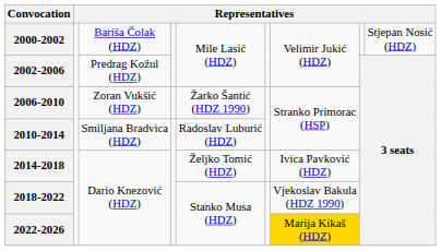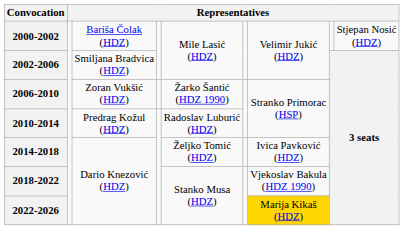 <table class="wikitable" style="text-align:center">
 <tr>
 <th>Convocation</th>
 <th colspan=12>Representatives</th>
 </tr>
 <tr>
 <th>2000-2002</th>
 <td rowspan=7; style="background-color: "></td>
 <td rowspan=1><a href='#'>Bariša Čolak</a><br>(<a href='#'>HDZ</a>)</td>
 <td rowspan=2; style="background-color: "></td>
 <td rowspan=2>Mile Lasić<br>(<a href='#'>HDZ</a>)</td>
 <td rowspan=2; style="background-color: "></td>
 <td rowspan=2>Velimir Jukić<br>(<a href='#'>HDZ</a>)</td>
 <td rowspan=1; style="background-color: "></td>
 <td rowspan=1>Stjepan Nosić<br>(<a href='#'>HDZ</a>)</td>
 </tr>
 <tr>
 <th>2002-2006</th>
-<td rowspan=1>Predrag Kožul<br>(<a href='#'>HDZ</a>)</td>
+<td rowspan=1>Smiljana Bradvica<br>(<a href='#'>HDZ</a>)</td>
 <th colspan=2; rowspan=6>3 seats</th>
 </tr>
 <tr>
 <th>2006-2010</th>
 <td rowspan=1>Zoran Vukšić<br>(<a href='#'>HDZ</a>)</td>
 <td rowspan=1; style="background-color: "></td>
 <td rowspan=1>Žarko Šantić<br>(<a href='#'>HDZ 1990</a>)</td>
 <td rowspan=2; style="background-color: "></td>
 <td rowspan=2>Stranko Primorac<br>(<a href='#'>HSP</a>)</td>
 </tr>
 <tr>
 <th>2010-2014</th>
-<td rowspan=1>Smiljana Bradvica<br>(<a href='#'>HDZ</a>)</td>
+<td rowspan=1>Predrag Kožul<br>(<a href='#'>HDZ</a>)</td>
 <td rowspan=4; style="background-color: "></td>
 <td rowspan=1>Radoslav Luburić<br>(<a href='#'>HDZ</a>)</td>
 </tr>
 <tr>
 <th>2014-2018</th>
 <td rowspan=3>Dario Knezović<br>(<a href='#'>HDZ</a>)</td>
 <td rowspan=1>Željko Tomić<br>(<a href='#'>HDZ</a>)</td>
 <td rowspan=1; style="background-color: "></td>
 <td rowspan=1>Ivica Pavković<br>(<a href='#'>HDZ</a>)</td>
 </tr>
 <tr>
 <th>2018-2022</th>
 <td rowspan=2>Stanko Musa<br>(<a href='#'>HDZ</a>)</td>
 <td rowspan=2; style="background-color: "></td>
 <td rowspan=1>Vjekoslav Bakula<br>(<a href='#'>HDZ 1990</a>)</td>
 </tr>
 <tr>
 <th>2022-2026</th>
 <td rowspan=1 style="background: gold;">Marija Kikaš<br>(<a href='#'>HDZ</a>)</td>
 </tr>
 </table>
